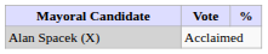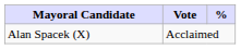 <table class="wikitable">
 <tr>
 <th style="background:#ddf; width:200px;">Mayoral Candidate </th>
 <th style="background:#ddf; width:50px;">Vote</th>
 <th style="background:#ddf; width:30px;">%</th>
 </tr>
 <tr>
-<td style="background: lightgrey;">Alan Spacek (X)</td>
+<td>Alan Spacek (X)</td>
 <td colspan="2">Acclaimed</td>
 </tr>
 </table>
